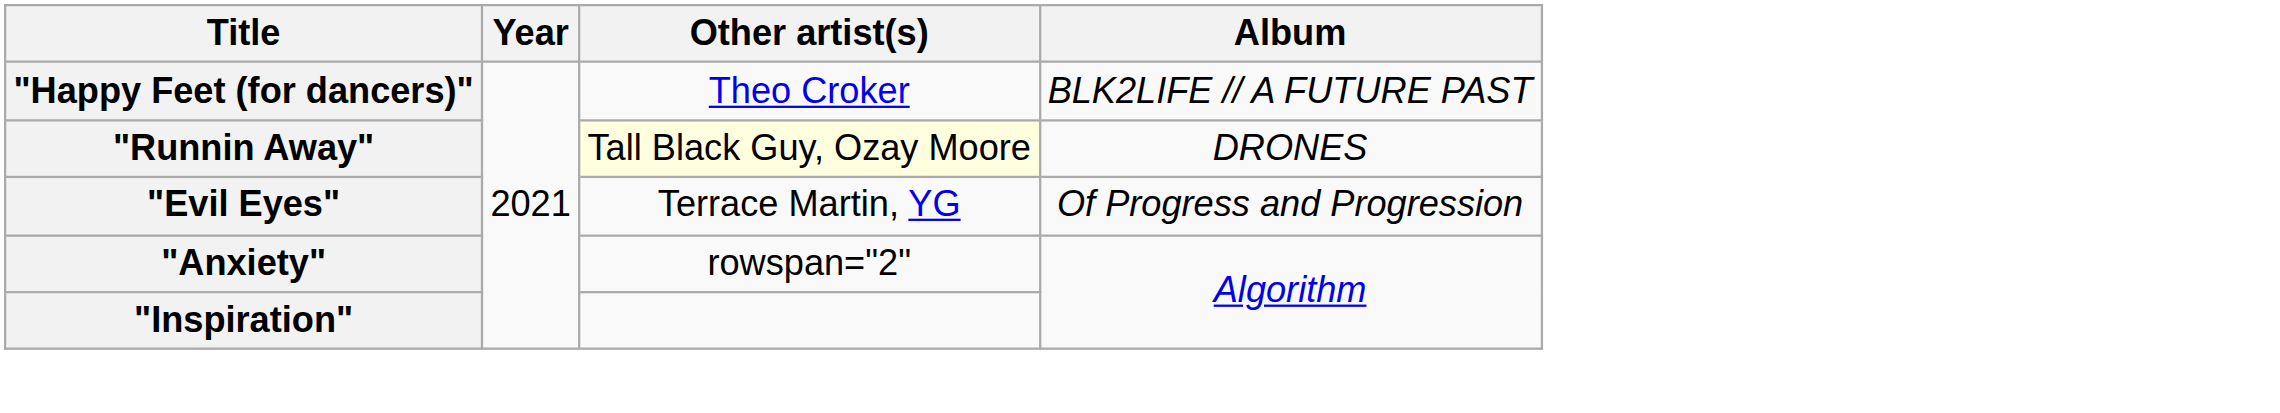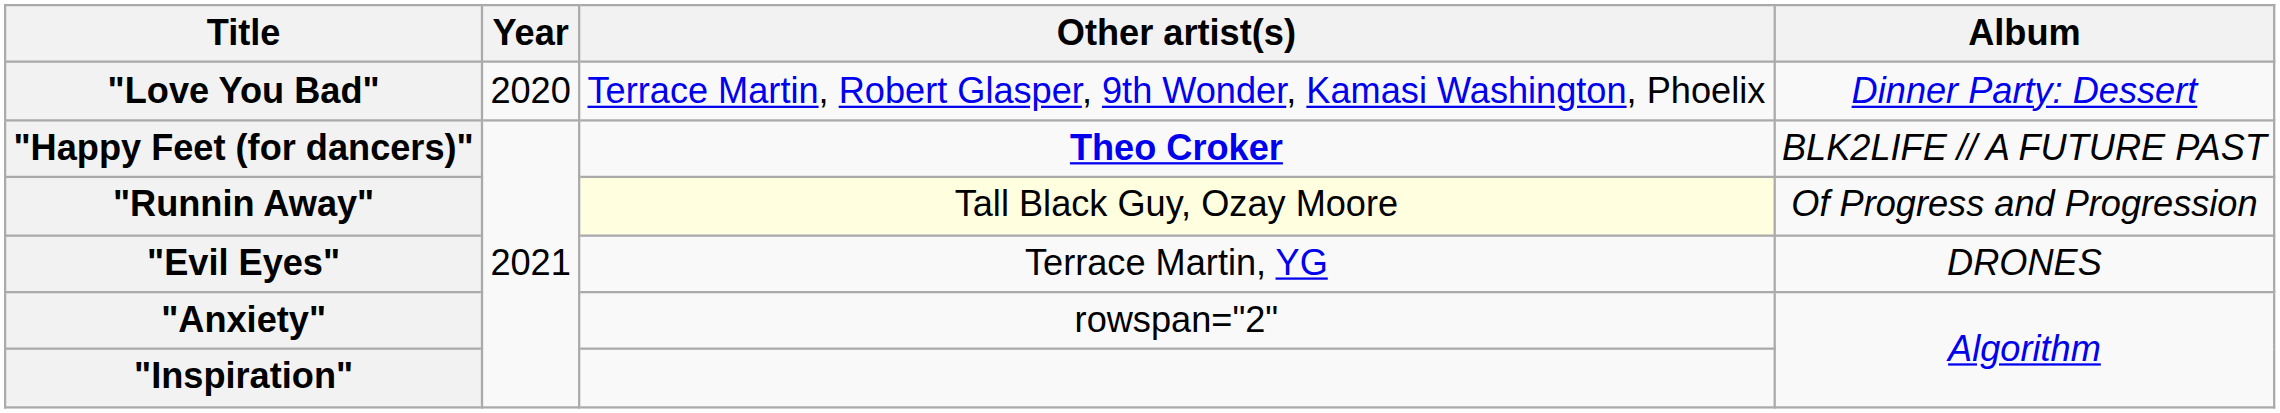 <table class="wikitable plainrowheaders" style="text-align:center;">
 <tr>
 <th scope="col">Title</th>
 <th scope="col">Year</th>
 <th scope="col">Other artist(s)</th>
 <th scope="col">Album</th>
 </tr>
 <tr>
+<th scope="row">"Love You Bad"</th>
+<td rowspan="1">2020</td>
+<td><a href='#'>Terrace Martin</a>, <a href='#'>Robert Glasper</a>, <a href='#'>9th Wonder</a>, <a href='#'>Kamasi Washington</a>, Phoelix</td>
+<td rowspan="1"><em><a href='#'>Dinner Party: Dessert</a></em></td>
+</tr>
+<tr>
 <th scope="row">"Happy Feet (for dancers)"</th>
 <td rowspan="5">2021</td>
-<td><a href='#'>Theo Croker</a></td>
+<td><strong><a href='#'>Theo Croker</a></strong></td>
 <td rowspan="1"><em>BLK2LIFE // A FUTURE PAST</em></td>
 </tr>
 <tr>
 <th scope="row">"Runnin Away"</th>
 <td style="background: lightyellow;">Tall Black Guy, Ozay Moore</td>
-<td><em>DRONES</em></td>
+<td><em>Of Progress and Progression</em></td>
 </tr>
 <tr>
 <th scope="row">"Evil Eyes"</th>
 <td>Terrace Martin, <a href='#'>YG</a></td>
-<td><em>Of Progress and Progression</em></td>
+<td><em>DRONES</em></td>
 </tr>
 <tr>
 <th scope="row">"Anxiety"</th>
 <td>rowspan="2" </td>
 <td rowspan="2"><em><a href='#'>Algorithm</a></em></td>
 </tr>
 <tr>
 <th scope="row">"Inspiration"</th>
 </tr>
 </table>
